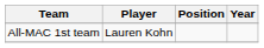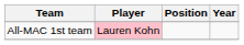 <table class="wikitable" border="1">
 <tr align=center>
 <th style= >Team</th>
 <th style= >Player</th>
 <th style= >Position</th>
 <th style= >Year</th>
 </tr>
 <tr align="center">
 </tr>
 <tr>
 <td>All-MAC 1st team</td>
-<td>Lauren Kohn</td>
+<td style="background: pink;">Lauren Kohn</td>
 <td></td>
 <td></td>
 </tr>
 <tr>
 </tr>
 </table>
